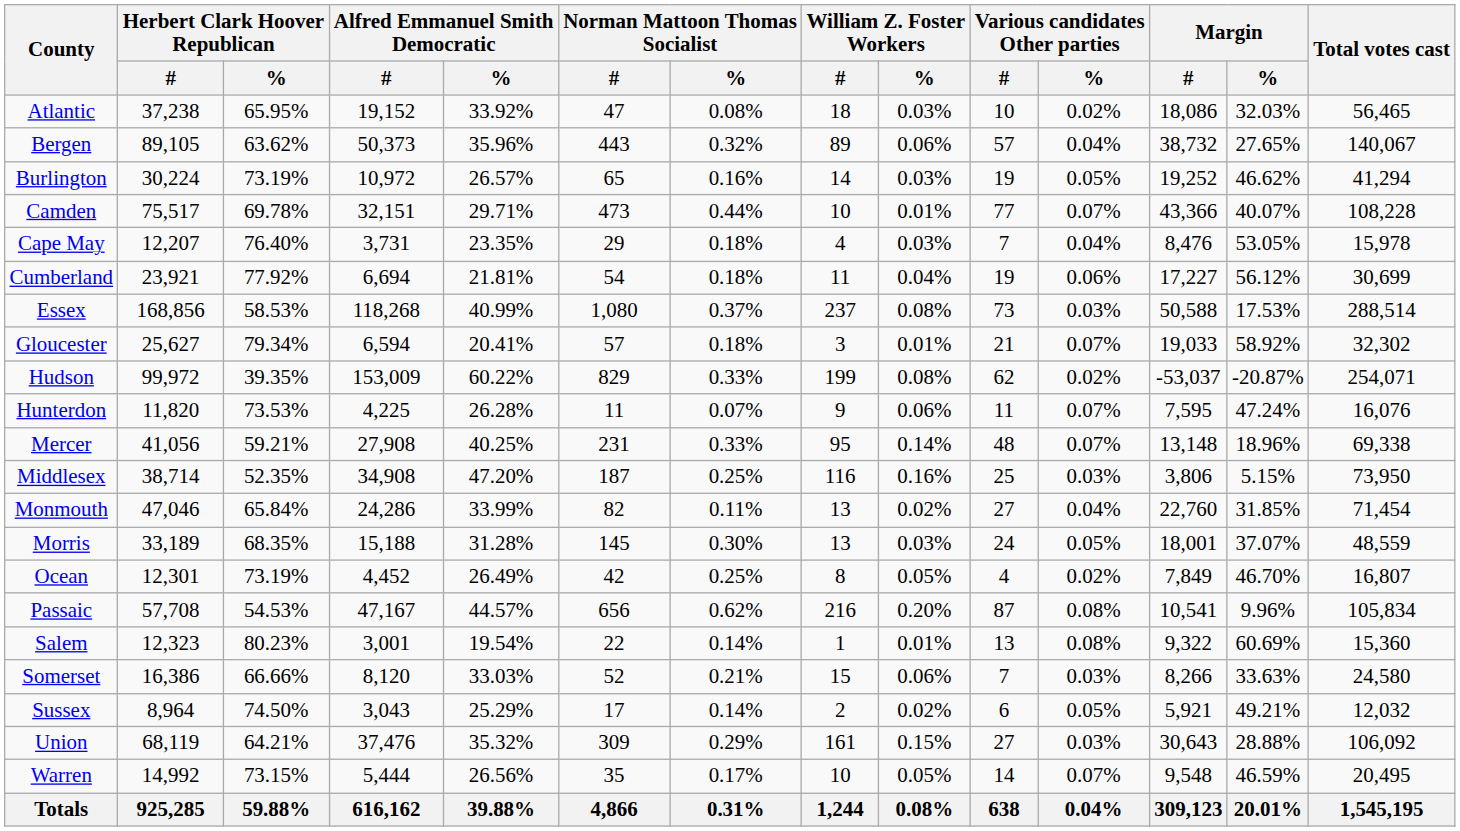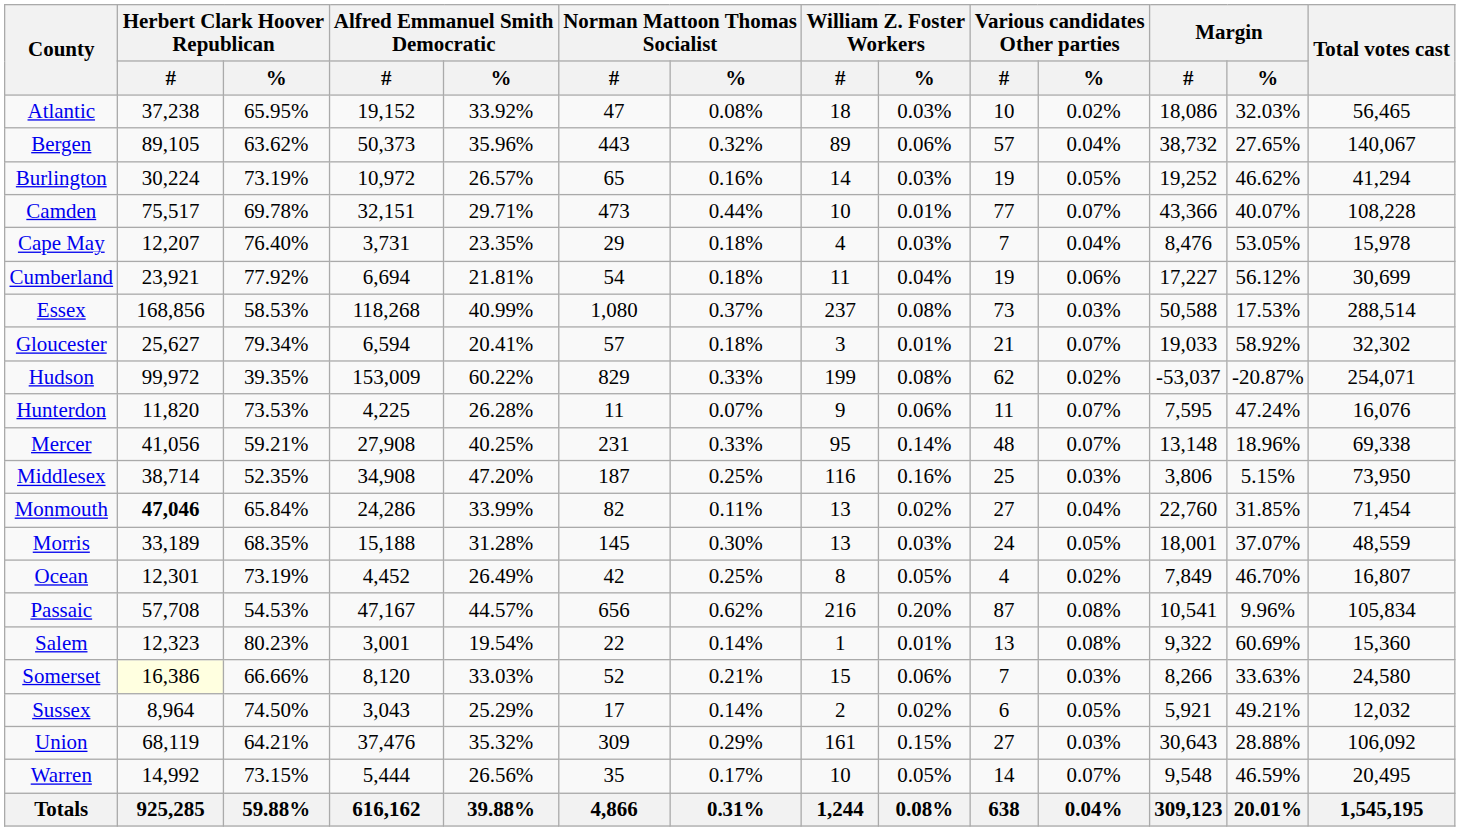 <table class="wikitable sortable" style="text-align:center">
 <tr>
 <th style="text-align:center;" rowspan="2">County</th>
 <th style="text-align:center;" colspan="2">Herbert Clark Hoover<br>Republican</th>
 <th style="text-align:center;" colspan="2">Alfred Emmanuel Smith<br>Democratic</th>
 <th style="text-align:center;" colspan="2">Norman Mattoon Thomas<br>Socialist</th>
 <th style="text-align:center;" colspan="2">William Z. Foster<br>Workers</th>
 <th style="text-align:center;" colspan="2">Various candidates<br>Other parties</th>
 <th style="text-align:center;" colspan="2">Margin</th>
 <th style="text-align:center;" rowspan="2">Total votes cast</th>
 </tr>
 <tr>
 <th data-sort-type="number">#</th>
 <th data-sort-type="number">%</th>
 <th data-sort-type="number">#</th>
 <th data-sort-type="number">%</th>
 <th data-sort-type="number">#</th>
 <th data-sort-type="number">%</th>
 <th data-sort-type="number">#</th>
 <th data-sort-type="number">%</th>
 <th data-sort-type="number">#</th>
 <th data-sort-type="number">%</th>
 <th data-sort-type="number">#</th>
 <th data-sort-type="number">%</th>
 </tr>
 <tr style="text-align:center;">
 <td><a href='#'>Atlantic</a></td>
 <td>37,238</td>
 <td>65.95%</td>
 <td>19,152</td>
 <td>33.92%</td>
 <td>47</td>
 <td>0.08%</td>
 <td>18</td>
 <td>0.03%</td>
 <td>10</td>
 <td>0.02%</td>
 <td>18,086</td>
 <td>32.03%</td>
 <td>56,465</td>
 </tr>
 <tr style="text-align:center;">
 <td><a href='#'>Bergen</a></td>
 <td>89,105</td>
 <td>63.62%</td>
 <td>50,373</td>
 <td>35.96%</td>
 <td>443</td>
 <td>0.32%</td>
 <td>89</td>
 <td>0.06%</td>
 <td>57</td>
 <td>0.04%</td>
 <td>38,732</td>
 <td>27.65%</td>
 <td>140,067</td>
 </tr>
 <tr style="text-align:center;">
 <td><a href='#'>Burlington</a></td>
 <td>30,224</td>
 <td>73.19%</td>
 <td>10,972</td>
 <td>26.57%</td>
 <td>65</td>
 <td>0.16%</td>
 <td>14</td>
 <td>0.03%</td>
 <td>19</td>
 <td>0.05%</td>
 <td>19,252</td>
 <td>46.62%</td>
 <td>41,294</td>
 </tr>
 <tr style="text-align:center;">
 <td><a href='#'>Camden</a></td>
 <td>75,517</td>
 <td>69.78%</td>
 <td>32,151</td>
 <td>29.71%</td>
 <td>473</td>
 <td>0.44%</td>
 <td>10</td>
 <td>0.01%</td>
 <td>77</td>
 <td>0.07%</td>
 <td>43,366</td>
 <td>40.07%</td>
 <td>108,228</td>
 </tr>
 <tr style="text-align:center;">
 <td><a href='#'>Cape May</a></td>
 <td>12,207</td>
 <td>76.40%</td>
 <td>3,731</td>
 <td>23.35%</td>
 <td>29</td>
 <td>0.18%</td>
 <td>4</td>
 <td>0.03%</td>
 <td>7</td>
 <td>0.04%</td>
 <td>8,476</td>
 <td>53.05%</td>
 <td>15,978</td>
 </tr>
 <tr style="text-align:center;">
 <td><a href='#'>Cumberland</a></td>
 <td>23,921</td>
 <td>77.92%</td>
 <td>6,694</td>
 <td>21.81%</td>
 <td>54</td>
 <td>0.18%</td>
 <td>11</td>
 <td>0.04%</td>
 <td>19</td>
 <td>0.06%</td>
 <td>17,227</td>
 <td>56.12%</td>
 <td>30,699</td>
 </tr>
 <tr style="text-align:center;">
 <td><a href='#'>Essex</a></td>
 <td>168,856</td>
 <td>58.53%</td>
 <td>118,268</td>
 <td>40.99%</td>
 <td>1,080</td>
 <td>0.37%</td>
 <td>237</td>
 <td>0.08%</td>
 <td>73</td>
 <td>0.03%</td>
 <td>50,588</td>
 <td>17.53%</td>
 <td>288,514</td>
 </tr>
 <tr style="text-align:center;">
 <td><a href='#'>Gloucester</a></td>
 <td>25,627</td>
 <td>79.34%</td>
 <td>6,594</td>
 <td>20.41%</td>
 <td>57</td>
 <td>0.18%</td>
 <td>3</td>
 <td>0.01%</td>
 <td>21</td>
 <td>0.07%</td>
 <td>19,033</td>
 <td>58.92%</td>
 <td>32,302</td>
 </tr>
 <tr style="text-align:center;">
 <td><a href='#'>Hudson</a></td>
 <td>99,972</td>
 <td>39.35%</td>
 <td>153,009</td>
 <td>60.22%</td>
 <td>829</td>
 <td>0.33%</td>
 <td>199</td>
 <td>0.08%</td>
 <td>62</td>
 <td>0.02%</td>
 <td>-53,037</td>
 <td>-20.87%</td>
 <td>254,071</td>
 </tr>
 <tr style="text-align:center;">
 <td><a href='#'>Hunterdon</a></td>
 <td>11,820</td>
 <td>73.53%</td>
 <td>4,225</td>
 <td>26.28%</td>
 <td>11</td>
 <td>0.07%</td>
 <td>9</td>
 <td>0.06%</td>
 <td>11</td>
 <td>0.07%</td>
 <td>7,595</td>
 <td>47.24%</td>
 <td>16,076</td>
 </tr>
 <tr style="text-align:center;">
 <td><a href='#'>Mercer</a></td>
 <td>41,056</td>
 <td>59.21%</td>
 <td>27,908</td>
 <td>40.25%</td>
 <td>231</td>
 <td>0.33%</td>
 <td>95</td>
 <td>0.14%</td>
 <td>48</td>
 <td>0.07%</td>
 <td>13,148</td>
 <td>18.96%</td>
 <td>69,338</td>
 </tr>
 <tr style="text-align:center;">
 <td><a href='#'>Middlesex</a></td>
 <td>38,714</td>
 <td>52.35%</td>
 <td>34,908</td>
 <td>47.20%</td>
 <td>187</td>
 <td>0.25%</td>
 <td>116</td>
 <td>0.16%</td>
 <td>25</td>
 <td>0.03%</td>
 <td>3,806</td>
 <td>5.15%</td>
 <td>73,950</td>
 </tr>
 <tr style="text-align:center;">
 <td><a href='#'>Monmouth</a></td>
-<td>47,046</td>
+<td><strong>47,046</strong></td>
 <td>65.84%</td>
 <td>24,286</td>
 <td>33.99%</td>
 <td>82</td>
 <td>0.11%</td>
 <td>13</td>
 <td>0.02%</td>
 <td>27</td>
 <td>0.04%</td>
 <td>22,760</td>
 <td>31.85%</td>
 <td>71,454</td>
 </tr>
 <tr style="text-align:center;">
 <td><a href='#'>Morris</a></td>
 <td>33,189</td>
 <td>68.35%</td>
 <td>15,188</td>
 <td>31.28%</td>
 <td>145</td>
 <td>0.30%</td>
 <td>13</td>
 <td>0.03%</td>
 <td>24</td>
 <td>0.05%</td>
 <td>18,001</td>
 <td>37.07%</td>
 <td>48,559</td>
 </tr>
 <tr style="text-align:center;">
 <td><a href='#'>Ocean</a></td>
 <td>12,301</td>
 <td>73.19%</td>
 <td>4,452</td>
 <td>26.49%</td>
 <td>42</td>
 <td>0.25%</td>
 <td>8</td>
 <td>0.05%</td>
 <td>4</td>
 <td>0.02%</td>
 <td>7,849</td>
 <td>46.70%</td>
 <td>16,807</td>
 </tr>
 <tr style="text-align:center;">
 <td><a href='#'>Passaic</a></td>
 <td>57,708</td>
 <td>54.53%</td>
 <td>47,167</td>
 <td>44.57%</td>
 <td>656</td>
 <td>0.62%</td>
 <td>216</td>
 <td>0.20%</td>
 <td>87</td>
 <td>0.08%</td>
 <td>10,541</td>
 <td>9.96%</td>
 <td>105,834</td>
 </tr>
 <tr style="text-align:center;">
 <td><a href='#'>Salem</a></td>
 <td>12,323</td>
 <td>80.23%</td>
 <td>3,001</td>
 <td>19.54%</td>
 <td>22</td>
 <td>0.14%</td>
 <td>1</td>
 <td>0.01%</td>
 <td>13</td>
 <td>0.08%</td>
 <td>9,322</td>
 <td>60.69%</td>
 <td>15,360</td>
 </tr>
 <tr style="text-align:center;">
 <td><a href='#'>Somerset</a></td>
-<td>16,386</td>
+<td style="background: lightyellow;">16,386</td>
 <td>66.66%</td>
 <td>8,120</td>
 <td>33.03%</td>
 <td>52</td>
 <td>0.21%</td>
 <td>15</td>
 <td>0.06%</td>
 <td>7</td>
 <td>0.03%</td>
 <td>8,266</td>
 <td>33.63%</td>
 <td>24,580</td>
 </tr>
 <tr style="text-align:center;">
 <td><a href='#'>Sussex</a></td>
 <td>8,964</td>
 <td>74.50%</td>
 <td>3,043</td>
 <td>25.29%</td>
 <td>17</td>
 <td>0.14%</td>
 <td>2</td>
 <td>0.02%</td>
 <td>6</td>
 <td>0.05%</td>
 <td>5,921</td>
 <td>49.21%</td>
 <td>12,032</td>
 </tr>
 <tr style="text-align:center;">
 <td><a href='#'>Union</a></td>
 <td>68,119</td>
 <td>64.21%</td>
 <td>37,476</td>
 <td>35.32%</td>
 <td>309</td>
 <td>0.29%</td>
 <td>161</td>
 <td>0.15%</td>
 <td>27</td>
 <td>0.03%</td>
 <td>30,643</td>
 <td>28.88%</td>
 <td>106,092</td>
 </tr>
 <tr style="text-align:center;">
 <td><a href='#'>Warren</a></td>
 <td>14,992</td>
 <td>73.15%</td>
 <td>5,444</td>
 <td>26.56%</td>
 <td>35</td>
 <td>0.17%</td>
 <td>10</td>
 <td>0.05%</td>
 <td>14</td>
 <td>0.07%</td>
 <td>9,548</td>
 <td>46.59%</td>
 <td>20,495</td>
 </tr>
 <tr style="text-align:center;">
 <th>Totals</th>
 <th>925,285</th>
 <th>59.88%</th>
 <th>616,162</th>
 <th>39.88%</th>
 <th>4,866</th>
 <th>0.31%</th>
 <th>1,244</th>
 <th>0.08%</th>
 <th>638</th>
 <th>0.04%</th>
 <th>309,123</th>
 <th>20.01%</th>
 <th>1,545,195</th>
 </tr>
 </table>
